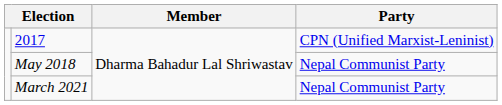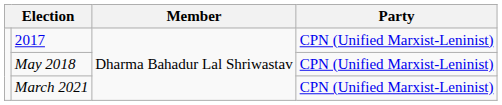 <table class="wikitable">
 <tr>
 <th colspan="2">Election</th>
 <th>Member</th>
 <th>Party</th>
 </tr>
 <tr>
 <td rowspan="3" style="background-color:"></td>
 <td><a href='#'>2017</a></td>
 <td rowspan="3">Dharma Bahadur Lal Shriwastav</td>
 <td><a href='#'>CPN (Unified Marxist-Leninist)</a></td>
 </tr>
 <tr>
 <td><em>May 2018</em></td>
-<td><a href='#'>Nepal Communist Party</a></td>
+<td><a href='#'>CPN (Unified Marxist-Leninist)</a></td>
 </tr>
 <tr>
 <td><em>March 2021</em></td>
-<td><a href='#'>Nepal Communist Party</a></td>
+<td><a href='#'>CPN (Unified Marxist-Leninist)</a></td>
 </tr>
 </table>
